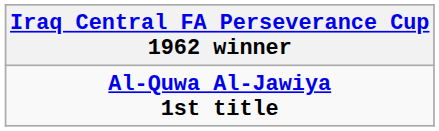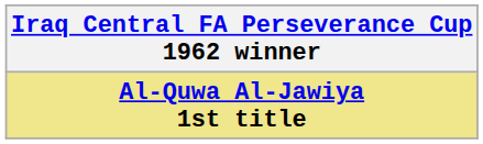 <table class="wikitable" style="text-align: center; margin: 0 auto;">
 <tr>
 <th><a href='#'>Iraq Central FA Perseverance Cup</a><br>1962 winner</th>
 </tr>
 <tr>
-<td><strong><a href='#'>Al-Quwa Al-Jawiya</a></strong><br><strong>1st title</strong></td>
+<td style="background: khaki;"><strong><a href='#'>Al-Quwa Al-Jawiya</a></strong><br><strong>1st title</strong></td>
 </tr>
 </table>
